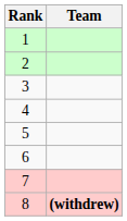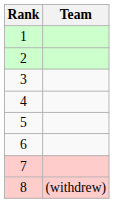 <table class=wikitable style="text-align: center;">
 <tr>
 <th>Rank</th>
 <th>Team</th>
 </tr>
 <tr style="background: #CCFFCC;">
 <td>1</td>
 <td style="text-align: left;"><strong></strong></td>
 </tr>
 <tr style="background: #CCFFCC;">
 <td>2</td>
 <td style="text-align: left;"><strong></strong></td>
 </tr>
 <tr>
 <td>3</td>
 <td style="text-align: left;"></td>
 </tr>
 <tr>
 <td>4</td>
 <td style="text-align: left;"></td>
 </tr>
 <tr>
 <td>5</td>
 <td style="text-align: left;"></td>
 </tr>
 <tr>
 <td>6</td>
 <td style="text-align: left;"></td>
 </tr>
 <tr style="background: #FFCCCC;">
 <td>7</td>
 <td style="text-align: left;"></td>
 </tr>
 <tr style="background: #FFCCCC;">
 <td>8</td>
-<td style="text-align: left;"><strong> (withdrew)</strong></td>
+<td style="text-align: left;"> (withdrew)</td>
 </tr>
 </table>
